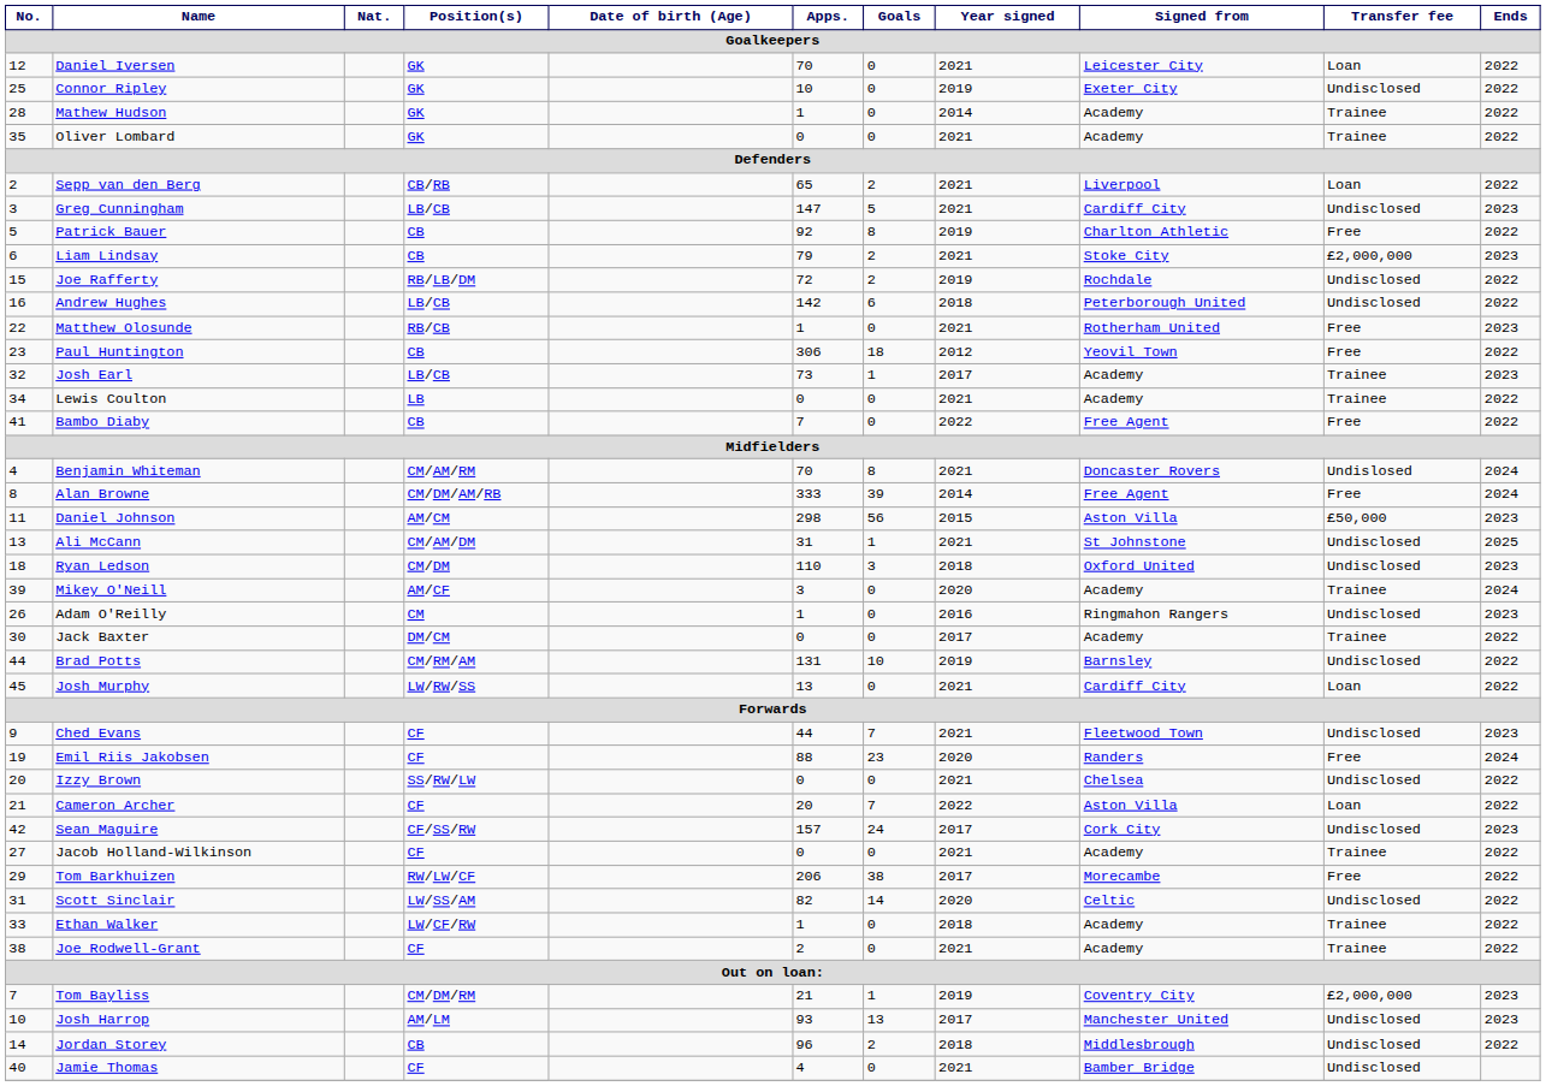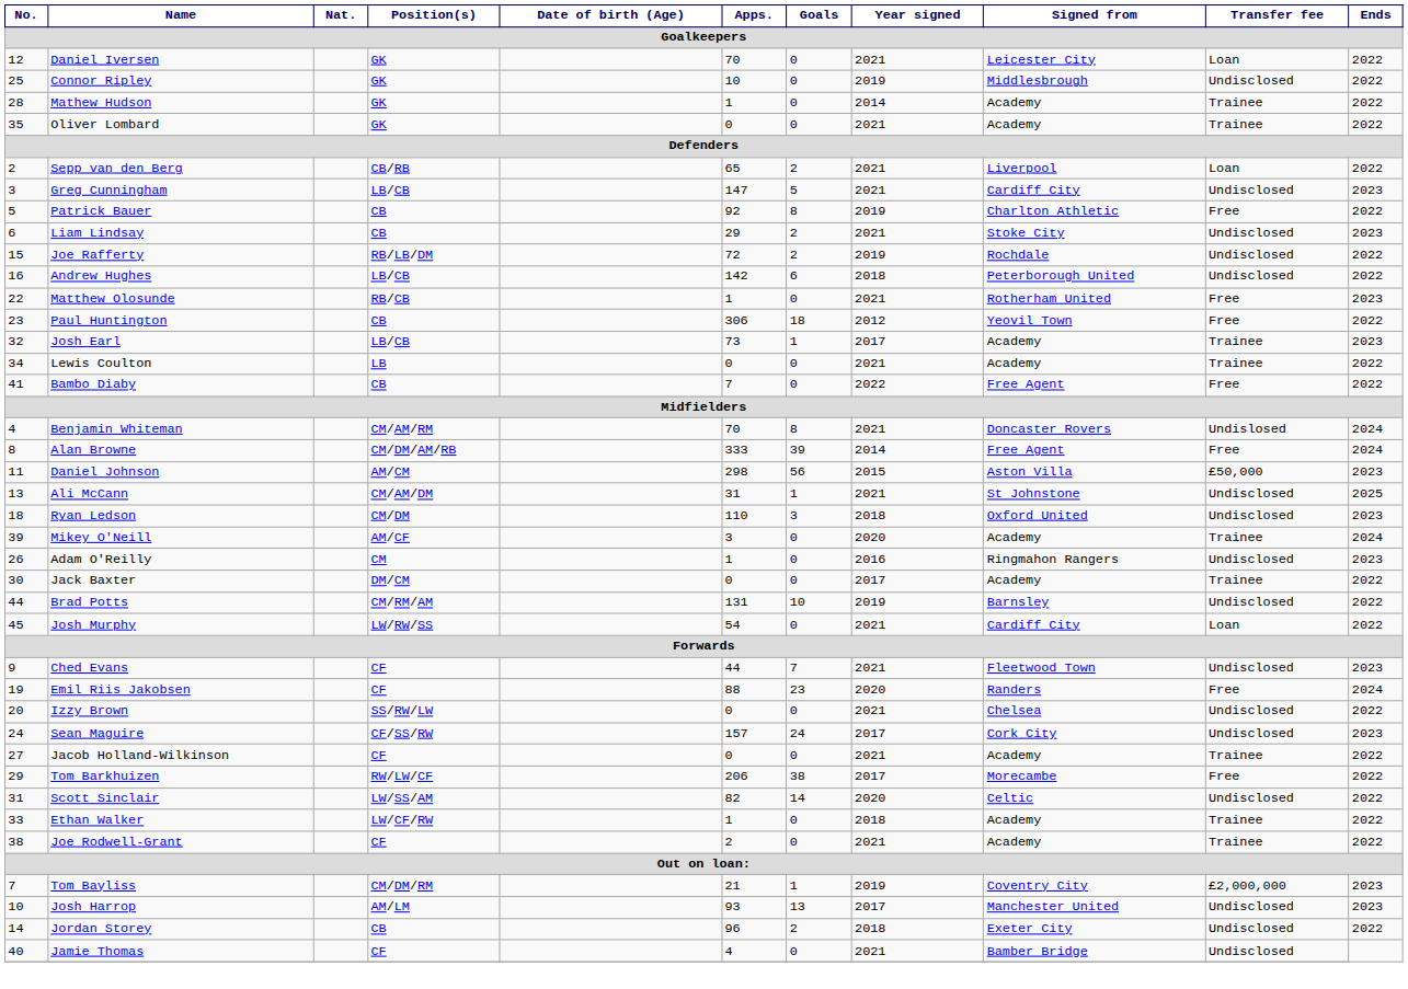 <table class="wikitable" style="font-size:90%;width:100%">
 <tr>
 <th style="background:#ffffff;color:#00005a;border:1px solid #000056">No.</th>
 <th style="background:#ffffff;color:#00005a;border:1px solid #000056">Name</th>
 <th style="background:#ffffff;color:#00005a;border:1px solid #000056">Nat.</th>
 <th style="background:#ffffff;color:#00005a;border:1px solid #000056">Position(s)</th>
 <th style="background:#ffffff;color:#00005a;border:1px solid #000056">Date of birth (Age)</th>
 <th style="background:#ffffff;color:#00005a;border:1px solid #000056">Apps.</th>
 <th style="background:#ffffff;color:#00005a;border:1px solid #000056">Goals</th>
 <th style="background:#ffffff;color:#00005a;border:1px solid #000056">Year signed</th>
 <th style="background:#ffffff;color:#00005a;border:1px solid #000056">Signed from</th>
 <th style="background:#ffffff;color:#00005a;border:1px solid #000056">Transfer fee</th>
 <th style="background:#ffffff;color:#00005a;border:1px solid #000056">Ends</th>
 </tr>
 <tr>
 <th colspan=11 style="background:#dcdcdc">Goalkeepers</th>
 </tr>
 <tr>
 <td>12</td>
 <td><a href='#'>Daniel Iversen</a></td>
 <td></td>
 <td><a href='#'>GK</a></td>
 <td></td>
 <td>70</td>
 <td>0</td>
 <td>2021</td>
 <td> <a href='#'>Leicester City</a></td>
 <td>Loan</td>
 <td>2022</td>
 </tr>
 <tr>
 <td>25</td>
 <td><a href='#'>Connor Ripley</a></td>
 <td></td>
 <td><a href='#'>GK</a></td>
 <td></td>
 <td>10</td>
 <td>0</td>
 <td>2019</td>
-<td> <a href='#'>Exeter City</a></td>
+<td> <a href='#'>Middlesbrough</a></td>
 <td>Undisclosed</td>
 <td>2022</td>
 </tr>
 <tr>
 <td>28</td>
 <td><a href='#'>Mathew Hudson</a></td>
 <td></td>
 <td><a href='#'>GK</a></td>
 <td></td>
 <td>1</td>
 <td>0</td>
 <td>2014</td>
 <td>Academy</td>
 <td>Trainee</td>
 <td>2022</td>
 </tr>
 <tr>
 <td>35</td>
 <td>Oliver Lombard</td>
 <td></td>
 <td><a href='#'>GK</a></td>
 <td></td>
 <td>0</td>
 <td>0</td>
 <td>2021</td>
 <td>Academy</td>
 <td>Trainee</td>
 <td>2022</td>
 </tr>
 <tr>
 <th colspan=11 style="background:#dcdcdc">Defenders</th>
 </tr>
 <tr>
 <td>2</td>
 <td><a href='#'>Sepp van den Berg</a></td>
 <td></td>
 <td><a href='#'>CB</a>/<a href='#'>RB</a></td>
 <td></td>
 <td>65</td>
 <td>2</td>
 <td>2021</td>
 <td> <a href='#'>Liverpool</a></td>
 <td>Loan</td>
 <td>2022</td>
 </tr>
 <tr>
 <td>3</td>
 <td><a href='#'>Greg Cunningham</a></td>
 <td></td>
 <td><a href='#'>LB</a>/<a href='#'>CB</a></td>
 <td></td>
 <td>147</td>
 <td>5</td>
 <td>2021</td>
 <td> <a href='#'>Cardiff City</a></td>
 <td>Undisclosed</td>
 <td>2023</td>
 </tr>
 <tr>
 <td>5</td>
 <td><a href='#'>Patrick Bauer</a></td>
 <td></td>
 <td><a href='#'>CB</a></td>
 <td></td>
 <td>92</td>
 <td>8</td>
 <td>2019</td>
 <td> <a href='#'>Charlton Athletic</a></td>
 <td>Free</td>
 <td>2022</td>
 </tr>
 <tr>
 <td>6</td>
 <td><a href='#'>Liam Lindsay</a></td>
 <td></td>
 <td><a href='#'>CB</a></td>
 <td></td>
-<td>79</td>
+<td>29</td>
 <td>2</td>
 <td>2021</td>
 <td> <a href='#'>Stoke City</a></td>
-<td>£2,000,000</td>
+<td>Undisclosed</td>
 <td>2023</td>
 </tr>
 <tr>
 <td>15</td>
 <td><a href='#'>Joe Rafferty</a></td>
 <td></td>
 <td><a href='#'>RB</a>/<a href='#'>LB</a>/<a href='#'>DM</a></td>
 <td></td>
 <td>72</td>
 <td>2</td>
 <td>2019</td>
 <td> <a href='#'>Rochdale</a></td>
 <td>Undisclosed</td>
 <td>2022</td>
 </tr>
 <tr>
 <td>16</td>
 <td><a href='#'>Andrew Hughes</a></td>
 <td></td>
 <td><a href='#'>LB</a>/<a href='#'>CB</a></td>
 <td></td>
 <td>142</td>
 <td>6</td>
 <td>2018</td>
 <td> <a href='#'>Peterborough United</a></td>
 <td>Undisclosed</td>
 <td>2022</td>
 </tr>
 <tr>
 <td>22</td>
 <td><a href='#'>Matthew Olosunde</a></td>
 <td></td>
 <td><a href='#'>RB</a>/<a href='#'>CB</a></td>
 <td></td>
 <td>1</td>
 <td>0</td>
 <td>2021</td>
 <td> <a href='#'>Rotherham United</a></td>
 <td>Free</td>
 <td>2023</td>
 </tr>
 <tr>
 <td>23</td>
 <td><a href='#'>Paul Huntington</a></td>
 <td></td>
 <td><a href='#'>CB</a></td>
 <td></td>
 <td>306</td>
 <td>18</td>
 <td>2012</td>
 <td> <a href='#'>Yeovil Town</a></td>
 <td>Free</td>
 <td>2022</td>
 </tr>
 <tr>
 <td>32</td>
 <td><a href='#'>Josh Earl</a></td>
 <td></td>
 <td><a href='#'>LB</a>/<a href='#'>CB</a></td>
 <td></td>
 <td>73</td>
 <td>1</td>
 <td>2017</td>
 <td>Academy</td>
 <td>Trainee</td>
 <td>2023</td>
 </tr>
 <tr>
 <td>34</td>
 <td>Lewis Coulton</td>
 <td></td>
 <td><a href='#'>LB</a></td>
 <td></td>
 <td>0</td>
 <td>0</td>
 <td>2021</td>
 <td>Academy</td>
 <td>Trainee</td>
 <td>2022</td>
 </tr>
 <tr>
 <td>41</td>
 <td><a href='#'>Bambo Diaby</a></td>
 <td></td>
 <td><a href='#'>CB</a></td>
 <td></td>
 <td>7</td>
 <td>0</td>
 <td>2022</td>
 <td><a href='#'>Free Agent</a></td>
 <td>Free</td>
 <td>2022</td>
 </tr>
 <tr>
 <th colspan=11 style="background:#dcdcdc">Midfielders</th>
 </tr>
 <tr>
 <td>4</td>
 <td><a href='#'>Benjamin Whiteman</a></td>
 <td></td>
 <td><a href='#'>CM</a>/<a href='#'>AM</a>/<a href='#'>RM</a></td>
 <td></td>
 <td>70</td>
 <td>8</td>
 <td>2021</td>
 <td> <a href='#'>Doncaster Rovers</a></td>
 <td>Undislosed</td>
 <td>2024</td>
 </tr>
 <tr>
 <td>8</td>
 <td><a href='#'>Alan Browne</a></td>
 <td></td>
 <td><a href='#'>CM</a>/<a href='#'>DM</a>/<a href='#'>AM</a>/<a href='#'>RB</a></td>
 <td></td>
 <td>333</td>
 <td>39</td>
 <td>2014</td>
 <td><a href='#'>Free Agent</a></td>
 <td>Free</td>
 <td>2024</td>
 </tr>
 <tr>
 <td>11</td>
 <td><a href='#'>Daniel Johnson</a></td>
 <td></td>
 <td><a href='#'>AM</a>/<a href='#'>CM</a></td>
 <td></td>
 <td>298</td>
 <td>56</td>
 <td>2015</td>
 <td> <a href='#'>Aston Villa</a></td>
 <td>£50,000</td>
 <td>2023</td>
 </tr>
 <tr>
 <td>13</td>
 <td><a href='#'>Ali McCann</a></td>
 <td></td>
 <td><a href='#'>CM</a>/<a href='#'>AM</a>/<a href='#'>DM</a></td>
 <td></td>
 <td>31</td>
 <td>1</td>
 <td>2021</td>
 <td> <a href='#'>St Johnstone</a></td>
 <td>Undisclosed</td>
 <td>2025</td>
 </tr>
 <tr>
 <td>18</td>
 <td><a href='#'>Ryan Ledson</a></td>
 <td></td>
 <td><a href='#'>CM</a>/<a href='#'>DM</a></td>
 <td></td>
 <td>110</td>
 <td>3</td>
 <td>2018</td>
 <td> <a href='#'>Oxford United</a></td>
 <td>Undisclosed</td>
 <td>2023</td>
 </tr>
 <tr>
 <td>39</td>
 <td><a href='#'>Mikey O'Neill</a></td>
 <td></td>
 <td><a href='#'>AM</a>/<a href='#'>CF</a></td>
 <td></td>
 <td>3</td>
 <td>0</td>
 <td>2020</td>
 <td>Academy</td>
 <td>Trainee</td>
 <td>2024</td>
 </tr>
 <tr>
 <td>26</td>
 <td>Adam O'Reilly</td>
 <td></td>
 <td><a href='#'>CM</a></td>
 <td></td>
 <td>1</td>
 <td>0</td>
 <td>2016</td>
 <td> Ringmahon Rangers</td>
 <td>Undisclosed</td>
 <td>2023</td>
 </tr>
 <tr>
 <td>30</td>
 <td>Jack Baxter</td>
 <td></td>
 <td><a href='#'>DM</a>/<a href='#'>CM</a></td>
 <td></td>
 <td>0</td>
 <td>0</td>
 <td>2017</td>
 <td>Academy</td>
 <td>Trainee</td>
 <td>2022</td>
 </tr>
 <tr>
 <td>44</td>
 <td><a href='#'>Brad Potts</a></td>
 <td></td>
 <td><a href='#'>CM</a>/<a href='#'>RM</a>/<a href='#'>AM</a></td>
 <td></td>
 <td>131</td>
 <td>10</td>
 <td>2019</td>
 <td> <a href='#'>Barnsley</a></td>
 <td>Undisclosed</td>
 <td>2022</td>
 </tr>
 <tr>
 <td>45</td>
 <td><a href='#'>Josh Murphy</a></td>
 <td></td>
 <td><a href='#'>LW</a>/<a href='#'>RW</a>/<a href='#'>SS</a></td>
 <td></td>
-<td>13</td>
+<td>54</td>
 <td>0</td>
 <td>2021</td>
 <td> <a href='#'>Cardiff City</a></td>
 <td>Loan</td>
 <td>2022</td>
 </tr>
 <tr>
 <th colspan=11 style="background:#dcdcdc">Forwards</th>
 </tr>
 <tr>
 <td>9</td>
 <td><a href='#'>Ched Evans</a></td>
 <td></td>
 <td><a href='#'>CF</a></td>
 <td></td>
 <td>44</td>
 <td>7</td>
 <td>2021</td>
 <td> <a href='#'>Fleetwood Town</a></td>
 <td>Undisclosed</td>
 <td>2023</td>
 </tr>
 <tr>
 <td>19</td>
 <td><a href='#'>Emil Riis Jakobsen</a></td>
 <td></td>
 <td><a href='#'>CF</a></td>
 <td></td>
 <td>88</td>
 <td>23</td>
 <td>2020</td>
 <td> <a href='#'>Randers</a></td>
 <td>Free</td>
 <td>2024</td>
 </tr>
 <tr>
 <td>20</td>
 <td><a href='#'>Izzy Brown</a></td>
 <td></td>
 <td><a href='#'>SS</a>/<a href='#'>RW</a>/<a href='#'>LW</a></td>
 <td></td>
 <td>0</td>
 <td>0</td>
 <td>2021</td>
 <td> <a href='#'>Chelsea</a></td>
 <td>Undisclosed</td>
 <td>2022</td>
 </tr>
 <tr>
-<td>21</td>
-<td><a href='#'>Cameron Archer</a></td>
-<td></td>
-<td><a href='#'>CF</a></td>
-<td></td>
-<td>20</td>
-<td>7</td>
-<td>2022</td>
-<td> <a href='#'>Aston Villa</a></td>
-<td>Loan</td>
-<td>2022</td>
-</tr>
-<tr>
-<td>42</td>
+<td>24</td>
 <td><a href='#'>Sean Maguire</a></td>
 <td></td>
 <td><a href='#'>CF</a>/<a href='#'>SS</a>/<a href='#'>RW</a></td>
 <td></td>
 <td>157</td>
 <td>24</td>
 <td>2017</td>
 <td> <a href='#'>Cork City</a></td>
 <td>Undisclosed</td>
 <td>2023</td>
 </tr>
 <tr>
 <td>27</td>
 <td>Jacob Holland-Wilkinson</td>
 <td></td>
 <td><a href='#'>CF</a></td>
 <td></td>
 <td>0</td>
 <td>0</td>
 <td>2021</td>
 <td>Academy</td>
 <td>Trainee</td>
 <td>2022</td>
 </tr>
 <tr>
 <td>29</td>
 <td><a href='#'>Tom Barkhuizen</a></td>
 <td></td>
 <td><a href='#'>RW</a>/<a href='#'>LW</a>/<a href='#'>CF</a></td>
 <td></td>
 <td>206</td>
 <td>38</td>
 <td>2017</td>
 <td> <a href='#'>Morecambe</a></td>
 <td>Free</td>
 <td>2022</td>
 </tr>
 <tr>
 <td>31</td>
 <td><a href='#'>Scott Sinclair</a></td>
 <td></td>
 <td><a href='#'>LW</a>/<a href='#'>SS</a>/<a href='#'>AM</a></td>
 <td></td>
 <td>82</td>
 <td>14</td>
 <td>2020</td>
 <td> <a href='#'>Celtic</a></td>
 <td>Undisclosed</td>
 <td>2022</td>
 </tr>
 <tr>
 <td>33</td>
 <td><a href='#'>Ethan Walker</a></td>
 <td></td>
 <td><a href='#'>LW</a>/<a href='#'>CF</a>/<a href='#'>RW</a></td>
 <td></td>
 <td>1</td>
 <td>0</td>
 <td>2018</td>
 <td>Academy</td>
 <td>Trainee</td>
 <td>2022</td>
 </tr>
 <tr>
 <td>38</td>
 <td><a href='#'>Joe Rodwell-Grant</a></td>
 <td></td>
 <td><a href='#'>CF</a></td>
 <td></td>
 <td>2</td>
 <td>0</td>
 <td>2021</td>
 <td>Academy</td>
 <td>Trainee</td>
 <td>2022</td>
 </tr>
 <tr>
 <th colspan=11 style="background:#dcdcdc">Out on loan:</th>
 </tr>
 <tr>
 <td>7</td>
 <td><a href='#'>Tom Bayliss</a></td>
 <td></td>
 <td><a href='#'>CM</a>/<a href='#'>DM</a>/<a href='#'>RM</a></td>
 <td></td>
 <td>21</td>
 <td>1</td>
 <td>2019</td>
 <td> <a href='#'>Coventry City</a></td>
 <td>£2,000,000</td>
 <td>2023</td>
 </tr>
 <tr>
 <td>10</td>
 <td><a href='#'>Josh Harrop</a></td>
 <td></td>
 <td><a href='#'>AM</a>/<a href='#'>LM</a></td>
 <td></td>
 <td>93</td>
 <td>13</td>
 <td>2017</td>
 <td> <a href='#'>Manchester United</a></td>
 <td>Undisclosed</td>
 <td>2023</td>
 </tr>
 <tr>
 <td>14</td>
 <td><a href='#'>Jordan Storey</a></td>
 <td></td>
 <td><a href='#'>CB</a></td>
 <td></td>
 <td>96</td>
 <td>2</td>
 <td>2018</td>
-<td> <a href='#'>Middlesbrough</a></td>
+<td> <a href='#'>Exeter City</a></td>
 <td>Undisclosed</td>
 <td>2022</td>
 </tr>
 <tr>
 <td>40</td>
 <td><a href='#'>Jamie Thomas</a></td>
 <td></td>
 <td><a href='#'>CF</a></td>
 <td></td>
 <td>4</td>
 <td>0</td>
 <td>2021</td>
 <td> <a href='#'>Bamber Bridge</a></td>
 <td>Undisclosed</td>
 </tr>
 <tr>
 </tr>
 </table>
